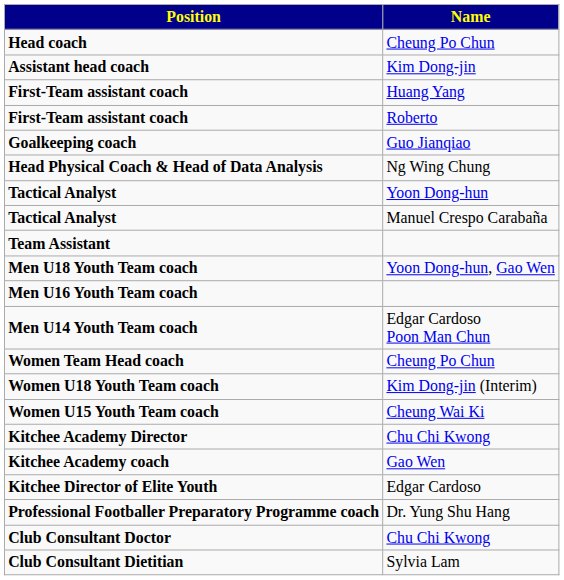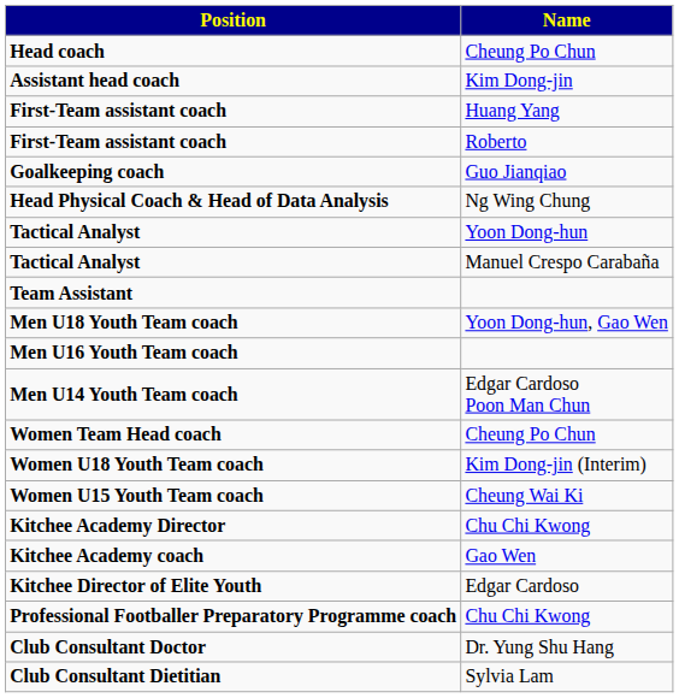 <table class="wikitable">
 <tr>
 <th style="color:yellow; background:#00008B;">Position</th>
 <th style="color:yellow; background:#00008B;">Name</th>
 </tr>
 <tr>
 <td><strong>Head coach</strong></td>
 <td> <a href='#'>Cheung Po Chun</a></td>
 </tr>
 <tr>
 <td><strong>Assistant head coach</strong></td>
 <td> <a href='#'>Kim Dong-jin</a></td>
 </tr>
 <tr>
 <td><strong>First-Team assistant coach</strong></td>
 <td> <a href='#'>Huang Yang</a></td>
 </tr>
 <tr>
 <td><strong>First-Team assistant coach</strong></td>
 <td> <a href='#'>Roberto</a></td>
 </tr>
 <tr>
 <td><strong>Goalkeeping coach</strong></td>
 <td> <a href='#'>Guo Jianqiao</a></td>
 </tr>
 <tr>
 <td><strong>Head Physical Coach & Head of Data Analysis</strong></td>
 <td> Ng Wing Chung</td>
 </tr>
 <tr>
 <td><strong>Tactical Analyst</strong></td>
 <td> <a href='#'>Yoon Dong-hun</a></td>
 </tr>
 <tr>
 <td><strong>Tactical Analyst</strong></td>
 <td> Manuel Crespo Carabaña</td>
 </tr>
 <tr>
 <td><strong>Team Assistant</strong></td>
 <td></td>
 </tr>
 <tr>
 <td><strong>Men U18 Youth Team coach</strong></td>
 <td> <a href='#'>Yoon Dong-hun</a>,  <a href='#'>Gao Wen</a></td>
 </tr>
 <tr>
 <td><strong>Men U16 Youth Team coach</strong></td>
 <td></td>
 </tr>
 <tr>
 <td><strong>Men U14 Youth Team coach</strong></td>
 <td> Edgar Cardoso <br>  <a href='#'>Poon Man Chun</a></td>
 </tr>
 <tr>
 <td><strong>Women Team Head coach</strong></td>
 <td> <a href='#'>Cheung Po Chun</a></td>
 </tr>
 <tr>
 <td><strong>Women U18 Youth Team coach</strong></td>
 <td> <a href='#'>Kim Dong-jin</a> (Interim)</td>
 </tr>
 <tr>
 <td><strong>Women U15 Youth Team coach</strong></td>
 <td> <a href='#'>Cheung Wai Ki</a></td>
 </tr>
 <tr>
 <td><strong>Kitchee Academy Director</strong></td>
 <td> <a href='#'>Chu Chi Kwong</a></td>
 </tr>
 <tr>
 <td><strong>Kitchee Academy coach</strong></td>
 <td> <a href='#'>Gao Wen</a></td>
 </tr>
 <tr>
 <td><strong>Kitchee Director of Elite Youth </strong></td>
 <td> Edgar Cardoso</td>
 </tr>
 <tr>
 <td><strong>Professional Footballer Preparatory Programme coach</strong></td>
-<td> Dr. Yung Shu Hang</td>
+<td> <a href='#'>Chu Chi Kwong</a></td>
 </tr>
 <tr>
 <td><strong>Club Consultant Doctor</strong></td>
-<td> <a href='#'>Chu Chi Kwong</a></td>
+<td> Dr. Yung Shu Hang</td>
 </tr>
 <tr>
 <td><strong>Club Consultant Dietitian</strong></td>
 <td> Sylvia Lam</td>
 </tr>
 </table>
